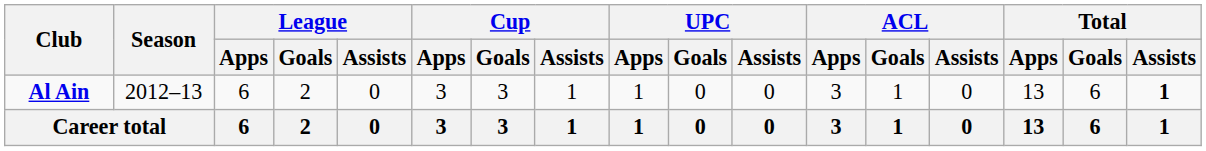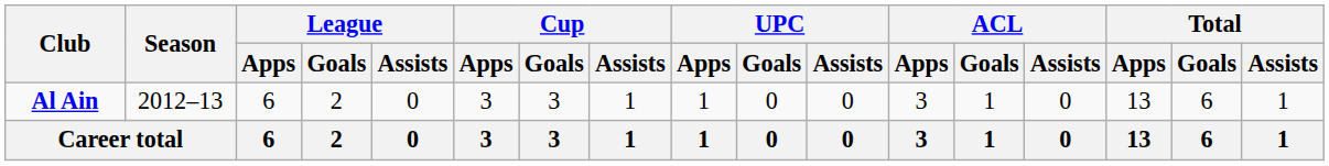 <table class="wikitable" style="text-align:center;">
 <tr>
 <th rowspan="2" style="width:80px;">Club</th>
 <th rowspan="2" style="width:70px;">Season</th>
 <th colspan="3"><a href='#'>League</a></th>
 <th colspan="3"><a href='#'>Cup</a></th>
 <th colspan="3"><a href='#'>UPC</a></th>
 <th colspan="3"><a href='#'>ACL</a></th>
 <th colspan="3">Total</th>
 </tr>
 <tr>
 <th>Apps</th>
 <th>Goals</th>
 <th>Assists</th>
 <th>Apps</th>
 <th>Goals</th>
 <th>Assists</th>
 <th>Apps</th>
 <th>Goals</th>
 <th>Assists</th>
 <th>Apps</th>
 <th>Goals</th>
 <th>Assists</th>
 <th>Apps</th>
 <th>Goals</th>
 <th>Assists</th>
 </tr>
 <tr align=center>
 <td rowspan="1" style="text-align:center;"><strong><a href='#'>Al Ain</a></strong></td>
 <td>2012–13</td>
 <td>6</td>
 <td>2</td>
 <td>0</td>
 <td>3</td>
 <td>3</td>
 <td>1</td>
 <td>1</td>
 <td>0</td>
 <td>0</td>
 <td>3</td>
 <td>1</td>
 <td>0</td>
 <td>13</td>
 <td>6</td>
-<td><strong>1</strong></td>
+<td>1</td>
 </tr>
 <tr>
 <th colspan="2">Career total</th>
 <th>6</th>
 <th>2</th>
 <th>0</th>
 <th>3</th>
 <th>3</th>
 <th>1</th>
 <th>1</th>
 <th>0</th>
 <th>0</th>
 <th>3</th>
 <th>1</th>
 <th>0</th>
 <th>13</th>
 <th>6</th>
 <th>1</th>
 </tr>
 </table>
